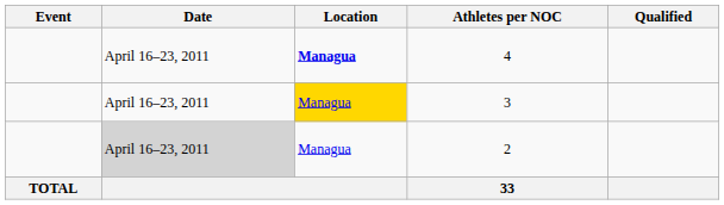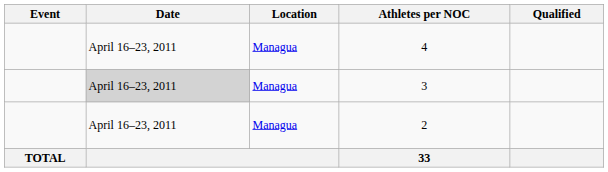 <table class="wikitable" width=800>
 <tr>
 <th>Event</th>
 <th>Date</th>
 <th>Location</th>
 <th>Athletes per NOC</th>
 <th>Qualified</th>
 </tr>
 <tr>
 <td></td>
 <td>April 16–23, 2011</td>
-<td><strong> <a href='#'>Managua</a></strong></td>
+<td> <a href='#'>Managua</a></td>
 <td align=center>4</td>
 <td><br><br><br></td>
 </tr>
 <tr>
 <td></td>
-<td>April 16–23, 2011</td>
-<td style="background: gold;"> <a href='#'>Managua</a></td>
+<td style="background: lightgrey;">April 16–23, 2011</td>
+<td> <a href='#'>Managua</a></td>
 <td align=center>3</td>
 <td><br><br></td>
 </tr>
 <tr>
 <td></td>
-<td style="background: lightgrey;">April 16–23, 2011</td>
+<td>April 16–23, 2011</td>
 <td> <a href='#'>Managua</a></td>
 <td align=center>2</td>
 <td><br><br><br></td>
 </tr>
 <tr>
 <th>TOTAL</th>
 <th colspan="2"></th>
 <th>33</th>
 <th></th>
 </tr>
 </table>
